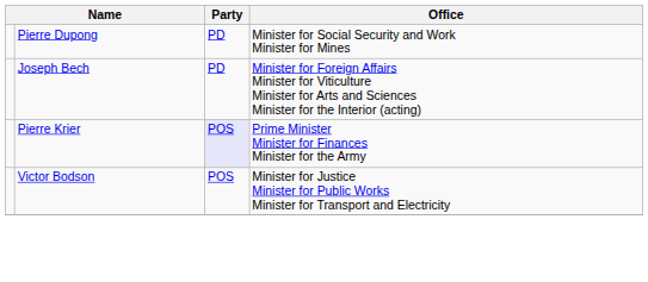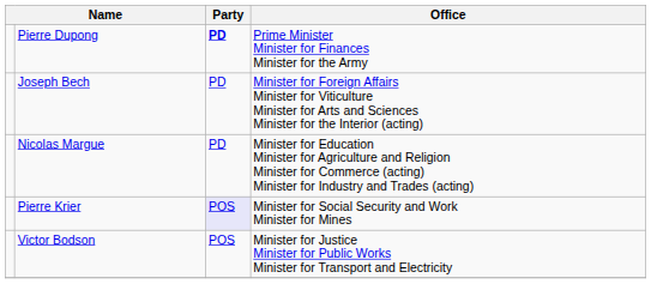 <table class="wikitable">
 <tr>
 <th colspan=2 width=250px>Name</th>
 <th width=50px>Party</th>
 <th width=500px>Office</th>
 </tr>
 <tr>
 <td width=5px style="background-color: "></td>
 <td valign=top><a href='#'>Pierre Dupong</a></td>
-<td valign=top><a href='#'>PD</a></td>
-<td>Minister for Social Security and Work <br> Minister for Mines</td>
+<td valign=top><strong><a href='#'>PD</a></strong></td>
+<td><a href='#'>Prime Minister</a> <br> <a href='#'>Minister for Finances</a> <br> Minister for the Army</td>
 </tr>
 <tr>
 <td width=5px style="background-color: "></td>
 <td valign=top><a href='#'>Joseph Bech</a></td>
 <td valign=top><a href='#'>PD</a></td>
 <td><a href='#'>Minister for Foreign Affairs</a> <br> Minister for Viticulture <br> Minister for Arts and Sciences <br> Minister for the Interior (acting)</td>
 </tr>
 <tr>
 <td style="background-color: "></td>
+<td valign=top><a href='#'>Nicolas Margue</a></td>
+<td valign=top><a href='#'>PD</a></td>
+<td>Minister for Education <br> Minister for Agriculture and Religion <br> Minister for Commerce (acting) <br> Minister for Industry and Trades (acting)</td>
+</tr>
+<tr>
+<td style="background-color: "></td>
 <td valign=top><a href='#'>Pierre Krier</a></td>
 <td valign=top style="background: lavender;"><a href='#'>POS</a></td>
-<td><a href='#'>Prime Minister</a> <br> <a href='#'>Minister for Finances</a> <br> Minister for the Army</td>
+<td>Minister for Social Security and Work <br> Minister for Mines</td>
 </tr>
 <tr>
 <td style="background-color: "></td>
 <td valign=top><a href='#'>Victor Bodson</a></td>
 <td valign=top><a href='#'>POS</a></td>
 <td>Minister for Justice <br> <a href='#'>Minister for Public Works</a> <br> Minister for Transport and Electricity</td>
 </tr>
 <tr>
 </tr>
 </table>
